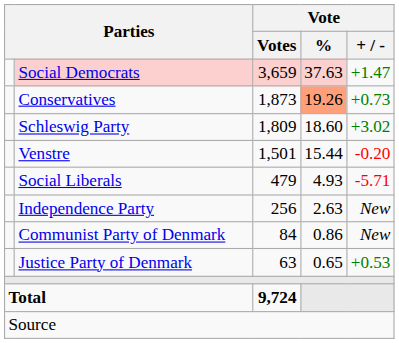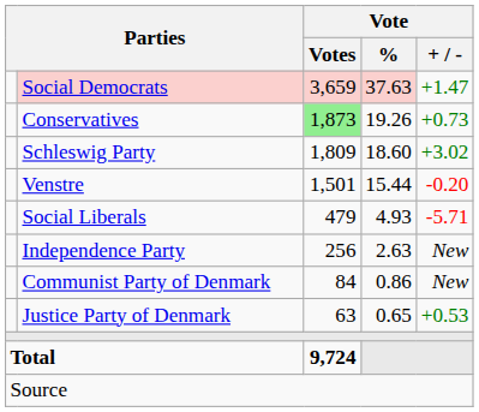 <table class="wikitable" style="text-align:right;">
 <tr>
 <th style="text-align:centre;" rowspan="2" colspan="2" width="225">Parties</th>
 <th colspan="3">Vote</th>
 </tr>
 <tr>
 <th width="15">Votes</th>
 <th width="15">%</th>
 <th width="15">+ / -</th>
 </tr>
 <tr>
 <td width="2" style="color:inherit;background:"></td>
 <td bgcolor=#fbd0ce  align="left"><a href='#'>Social Democrats</a></td>
 <td bgcolor=#fbd0ce>3,659</td>
 <td bgcolor=#fbd0ce>37.63</td>
 <td style=color:green;>+1.47</td>
 </tr>
 <tr>
 <td width="2" style="color:inherit;background:"></td>
 <td align="left"><a href='#'>Conservatives</a></td>
-<td>1,873</td>
-<td style="background: lightsalmon;">19.26</td>
+<td style="background: lightgreen;">1,873</td>
+<td>19.26</td>
 <td style=color:green;>+0.73</td>
 </tr>
 <tr>
 <td width="2" style="color:inherit;background:"></td>
 <td align="left"><a href='#'>Schleswig Party</a></td>
 <td>1,809</td>
 <td>18.60</td>
 <td style=color:green;>+3.02</td>
 </tr>
 <tr>
 <td width="2" style="color:inherit;background:"></td>
 <td align="left"><a href='#'>Venstre</a></td>
 <td>1,501</td>
 <td>15.44</td>
 <td style=color:red;>-0.20</td>
 </tr>
 <tr>
 <td width="2" style="color:inherit;background:"></td>
 <td align="left"><a href='#'>Social Liberals</a></td>
 <td>479</td>
 <td>4.93</td>
 <td style=color:red;>-5.71</td>
 </tr>
 <tr>
 <td width="2" style="color:inherit;background:"></td>
 <td align="left"><a href='#'>Independence Party</a></td>
 <td>256</td>
 <td>2.63</td>
 <td><em>New</em></td>
 </tr>
 <tr>
 <td width="2" style="color:inherit;background:"></td>
 <td align="left"><a href='#'>Communist Party of Denmark</a></td>
 <td>84</td>
 <td>0.86</td>
 <td><em>New</em></td>
 </tr>
 <tr>
 <td width="2" style="color:inherit;background:"></td>
 <td align="left"><a href='#'>Justice Party of Denmark</a></td>
 <td>63</td>
 <td>0.65</td>
 <td style=color:green;>+0.53</td>
 </tr>
 <tr>
 <td colspan="7" bgcolor="#E9E9E9"></td>
 </tr>
 <tr>
 <td align="left" colspan="2"><strong>Total</strong></td>
 <td><strong>9,724</strong></td>
 <td bgcolor="#E9E9E9" colspan="2"></td>
 </tr>
 <tr>
 <td align="left" colspan="6">Source</td>
 </tr>
 </table>
